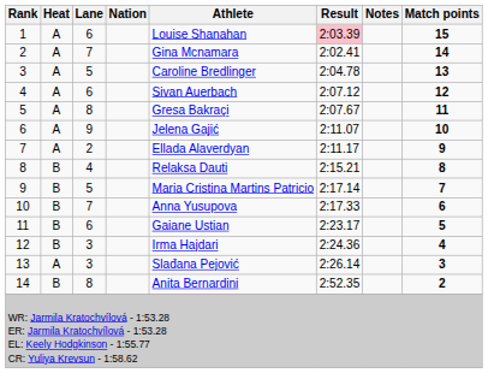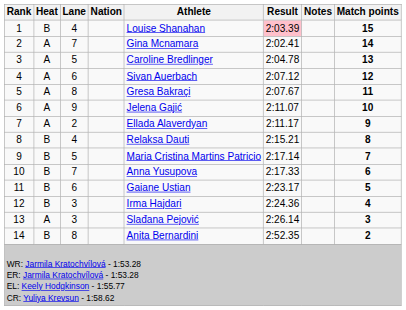 <table class="wikitable sortable" style="text-align:left;">
 <tr>
 <th>Rank</th>
 <th>Heat</th>
 <th>Lane</th>
 <th>Nation</th>
 <th>Athlete</th>
 <th>Result</th>
 <th>Notes</th>
 <th>Match points</th>
 </tr>
 <tr>
 <td align=center>1</td>
-<td align=center>A</td>
-<td align=center>6</td>
+<td align=center>B</td>
+<td align=center>4</td>
 <td></td>
 <td><a href='#'>Louise Shanahan</a></td>
 <td align=center style="background: pink;">2:03.39</td>
 <td></td>
 <td align=center><strong>15</strong></td>
 </tr>
 <tr>
 <td align=center>2</td>
 <td align=center>A</td>
 <td align=center>7</td>
 <td></td>
 <td><a href='#'>Gina Mcnamara</a></td>
 <td align=center>2:02.41</td>
 <td align=center></td>
 <td align=center><strong>14</strong></td>
 </tr>
 <tr>
 <td align=center>3</td>
 <td align=center>A</td>
 <td align=center>5</td>
 <td></td>
 <td><a href='#'>Caroline Bredlinger</a></td>
 <td align=center>2:04.78</td>
 <td align=center></td>
 <td align=center><strong>13</strong></td>
 </tr>
 <tr>
 <td align=center>4</td>
 <td align=center>A</td>
 <td align=center>6</td>
 <td></td>
 <td><a href='#'>Sivan Auerbach</a></td>
 <td align=center>2:07.12</td>
 <td align=center></td>
 <td align=center><strong>12</strong></td>
 </tr>
 <tr>
 <td align=center>5</td>
 <td align=center>A</td>
 <td align=center>8</td>
 <td></td>
 <td><a href='#'>Gresa Bakraçi</a></td>
 <td align=center>2:07.67</td>
 <td align=center></td>
 <td align=center><strong>11</strong></td>
 </tr>
 <tr>
 <td align=center>6</td>
 <td align=center>A</td>
 <td align=center>9</td>
 <td></td>
 <td><a href='#'>Jelena Gajić</a></td>
 <td align=center>2:11.07</td>
 <td align=center></td>
 <td align=center><strong>10</strong></td>
 </tr>
 <tr>
 <td align=center>7</td>
 <td align=center>A</td>
 <td align=center>2</td>
 <td></td>
 <td><a href='#'>Ellada Alaverdyan</a></td>
 <td align=center>2:11.17</td>
 <td align=center></td>
 <td align=center><strong>9</strong></td>
 </tr>
 <tr>
 <td align=center>8</td>
 <td align=center>B</td>
 <td align=center>4</td>
 <td></td>
 <td><a href='#'>Relaksa Dauti</a></td>
 <td align=center>2:15.21</td>
 <td align=center></td>
 <td align=center><strong>8</strong></td>
 </tr>
 <tr>
 <td align=center>9</td>
 <td align=center>B</td>
 <td align=center>5</td>
 <td></td>
 <td><a href='#'>Maria Cristina Martins Patricio</a></td>
 <td align=center>2:17.14</td>
 <td align=center></td>
 <td align=center><strong>7</strong></td>
 </tr>
 <tr>
 <td align=center>10</td>
 <td align=center>B</td>
 <td align=center>7</td>
 <td></td>
 <td><a href='#'>Anna Yusupova</a></td>
 <td align=center>2:17.33</td>
 <td align=center></td>
 <td align=center><strong>6</strong></td>
 </tr>
 <tr>
 <td align=center>11</td>
 <td align=center>B</td>
 <td align=center>6</td>
 <td></td>
 <td><a href='#'>Gaiane Ustian</a></td>
 <td align=center>2:23.17</td>
 <td align=center></td>
 <td align=center><strong>5</strong></td>
 </tr>
 <tr>
 <td align=center>12</td>
 <td align=center>B</td>
 <td align=center>3</td>
 <td></td>
 <td><a href='#'>Irma Hajdari</a></td>
 <td align=center>2:24.36</td>
 <td align=center></td>
 <td align=center><strong>4</strong></td>
 </tr>
 <tr>
 <td align=center>13</td>
 <td align=center>A</td>
 <td align=center>3</td>
 <td></td>
 <td><a href='#'>Slađana Pejović</a></td>
 <td align=center>2:26.14</td>
 <td align=center></td>
 <td align=center><strong>3</strong></td>
 </tr>
 <tr>
 <td align=center>14</td>
 <td align=center>B</td>
 <td align=center>8</td>
 <td></td>
 <td><a href='#'>Anita Bernardini</a></td>
 <td align=center>2:52.35</td>
 <td align=center></td>
 <td align=center><strong>2</strong></td>
 </tr>
 <tr>
 <td colspan="8" bgcolor="#cccccc"><br> <small>WR:   <a href='#'>Jarmila Kratochvílová</a> - 1:53.28<br>ER:  <a href='#'>Jarmila Kratochvílová</a> - 1:53.28<br></small> <small>EL:   <a href='#'>Keely Hodgkinson</a> - 1:55.77<br>CR:  <a href='#'>Yuliya Krevsun</a> - 1:58.62</small></td>
 </tr>
 </table>
